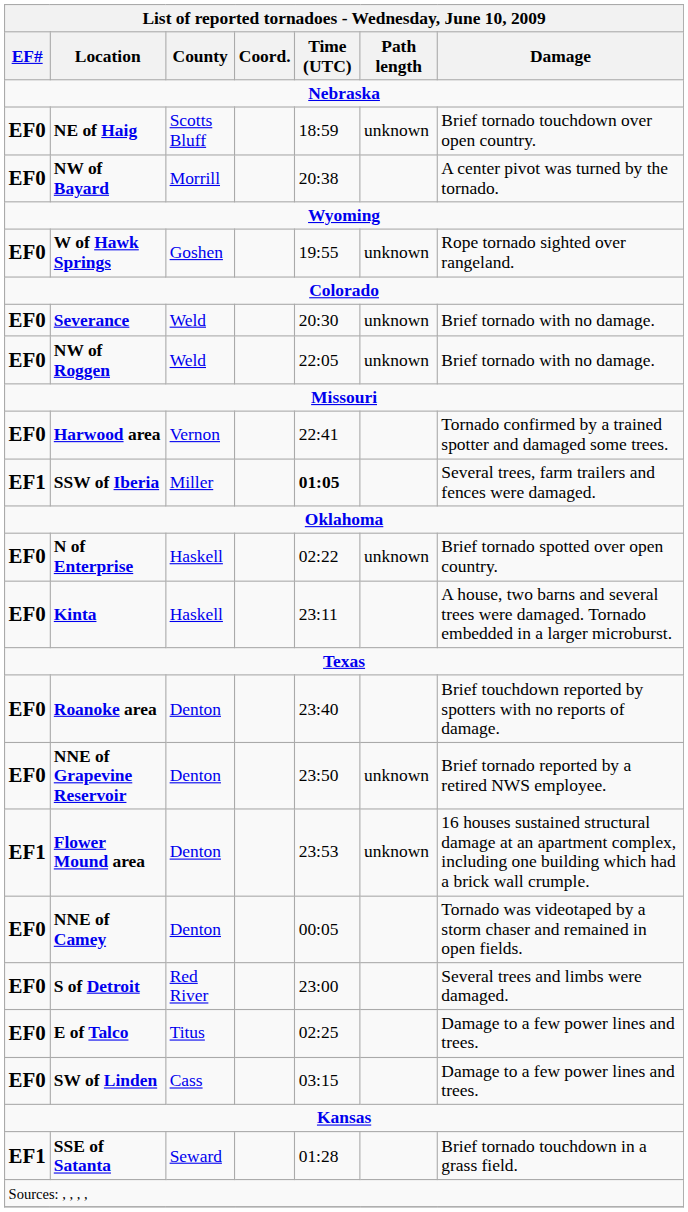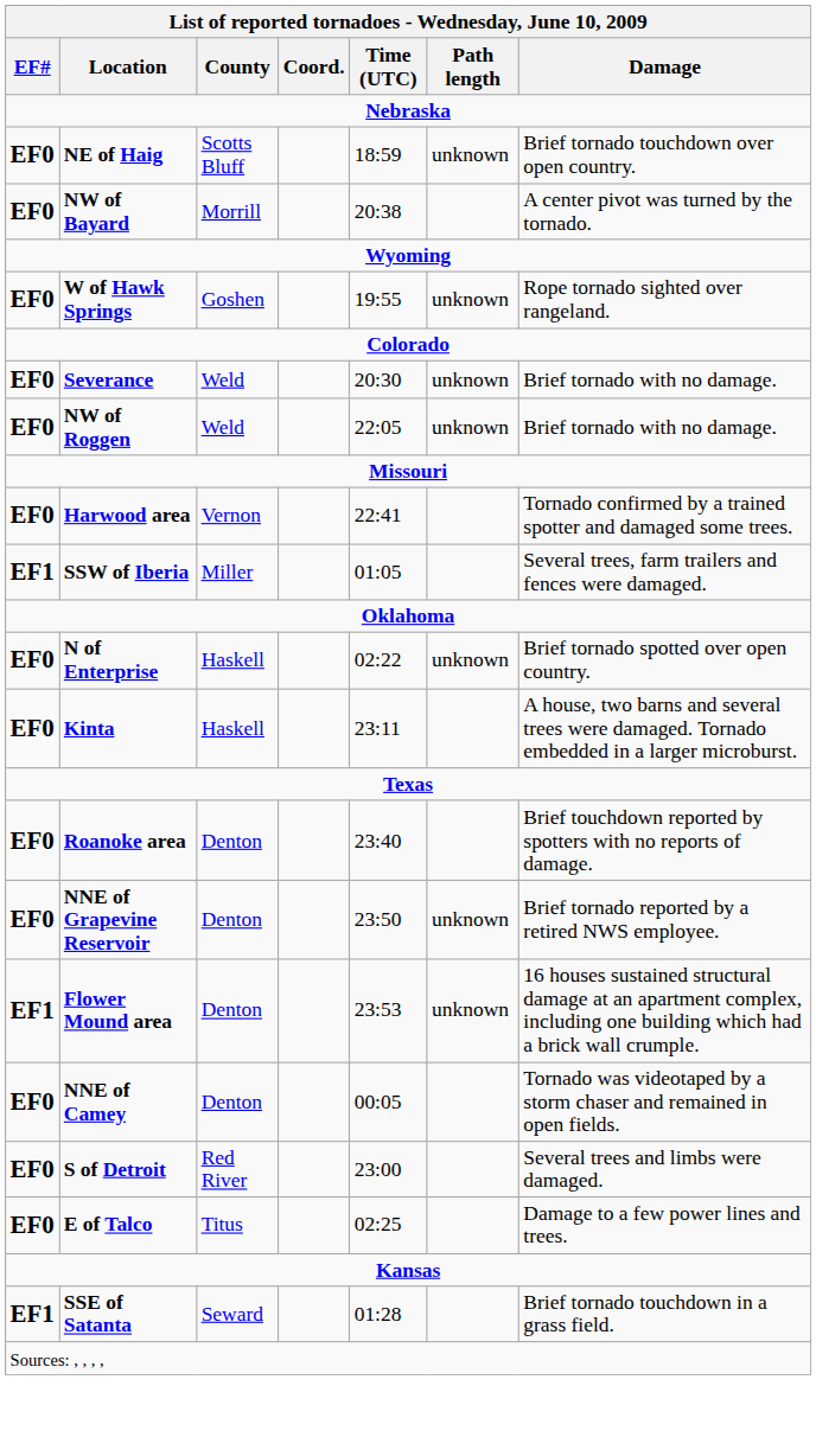 <table class="wikitable collapsible" width="100%">
 <tr>
 <th colspan="7">List of reported tornadoes - Wednesday, June 10, 2009</th>
 </tr>
 <tr>
 <th><a href='#'>EF#</a></th>
 <th>Location</th>
 <th>County</th>
 <th>Coord.</th>
 <th>Time (UTC)</th>
 <th>Path length</th>
 <th>Damage</th>
 </tr>
 <tr>
 <td colspan="7" align=center><strong><a href='#'>Nebraska</a></strong></td>
 </tr>
 <tr>
 <td><big><strong>EF0</strong></big></td>
 <td><strong>NE of <a href='#'>Haig</a></strong></td>
 <td><a href='#'>Scotts Bluff</a></td>
 <td></td>
 <td>18:59</td>
 <td>unknown</td>
 <td>Brief tornado touchdown over open country.</td>
 </tr>
 <tr>
 <td><big><strong>EF0</strong></big></td>
 <td><strong>NW of <a href='#'>Bayard</a></strong></td>
 <td><a href='#'>Morrill</a></td>
 <td></td>
 <td>20:38</td>
 <td></td>
 <td>A center pivot was turned by the tornado.</td>
 </tr>
 <tr>
 <td colspan="7" align=center><strong><a href='#'>Wyoming</a></strong></td>
 </tr>
 <tr>
 <td><big><strong>EF0</strong></big></td>
 <td><strong>W of <a href='#'>Hawk Springs</a></strong></td>
 <td><a href='#'>Goshen</a></td>
 <td></td>
 <td>19:55</td>
 <td>unknown</td>
 <td>Rope tornado sighted over rangeland.</td>
 </tr>
 <tr>
 <td colspan="7" align=center><strong><a href='#'>Colorado</a></strong></td>
 </tr>
 <tr>
 <td><big><strong>EF0</strong></big></td>
 <td><strong><a href='#'>Severance</a></strong></td>
 <td><a href='#'>Weld</a></td>
 <td></td>
 <td>20:30</td>
 <td>unknown</td>
 <td>Brief tornado with no damage.</td>
 </tr>
 <tr>
 <td><big><strong>EF0</strong></big></td>
 <td><strong>NW of <a href='#'>Roggen</a></strong></td>
 <td><a href='#'>Weld</a></td>
 <td></td>
 <td>22:05</td>
 <td>unknown</td>
 <td>Brief tornado with no damage.</td>
 </tr>
 <tr>
 <td colspan="7" align=center><strong><a href='#'>Missouri</a></strong></td>
 </tr>
 <tr>
 <td><big><strong>EF0</strong></big></td>
 <td><strong><a href='#'>Harwood</a> area</strong></td>
 <td><a href='#'>Vernon</a></td>
 <td></td>
 <td>22:41</td>
 <td></td>
 <td>Tornado confirmed by a trained spotter and damaged some trees.</td>
 </tr>
 <tr>
 <td><big><strong>EF1</strong></big></td>
 <td><strong>SSW of <a href='#'>Iberia</a></strong></td>
 <td><a href='#'>Miller</a></td>
 <td></td>
-<td><strong>01:05</strong></td>
+<td>01:05</td>
 <td></td>
 <td>Several trees, farm trailers and fences were damaged.</td>
 </tr>
 <tr>
 <td colspan="7" align=center><strong><a href='#'>Oklahoma</a></strong></td>
 </tr>
 <tr>
 <td><big><strong>EF0</strong></big></td>
 <td><strong>N of <a href='#'>Enterprise</a></strong></td>
 <td><a href='#'>Haskell</a></td>
 <td></td>
 <td>02:22</td>
 <td>unknown</td>
 <td>Brief tornado spotted over open country.</td>
 </tr>
 <tr>
 <td><big><strong>EF0</strong></big></td>
 <td><strong><a href='#'>Kinta</a></strong></td>
 <td><a href='#'>Haskell</a></td>
 <td></td>
 <td>23:11</td>
 <td></td>
 <td>A house, two barns and several trees were damaged. Tornado embedded in a larger microburst.</td>
 </tr>
 <tr>
 <td colspan="7" align=center><strong><a href='#'>Texas</a></strong></td>
 </tr>
 <tr>
 <td><big><strong>EF0</strong></big></td>
 <td><strong><a href='#'>Roanoke</a> area</strong></td>
 <td><a href='#'>Denton</a></td>
 <td></td>
 <td>23:40</td>
 <td></td>
 <td>Brief touchdown reported by spotters with no reports of damage.</td>
 </tr>
 <tr>
 <td><big><strong>EF0</strong></big></td>
 <td><strong>NNE of <a href='#'>Grapevine Reservoir</a></strong></td>
 <td><a href='#'>Denton</a></td>
 <td></td>
 <td>23:50</td>
 <td>unknown</td>
 <td>Brief tornado reported by a retired NWS employee.</td>
 </tr>
 <tr>
 <td><big><strong>EF1</strong></big></td>
 <td><strong><a href='#'>Flower Mound</a> area</strong></td>
 <td><a href='#'>Denton</a></td>
 <td></td>
 <td>23:53</td>
 <td>unknown</td>
 <td>16 houses sustained structural damage at an apartment complex, including one building which had a brick wall crumple.</td>
 </tr>
 <tr>
 <td><big><strong>EF0</strong></big></td>
 <td><strong>NNE of <a href='#'>Camey</a></strong></td>
 <td><a href='#'>Denton</a></td>
 <td></td>
 <td>00:05</td>
 <td></td>
 <td>Tornado was videotaped by a storm chaser and remained in open fields.</td>
 </tr>
 <tr>
 <td><big><strong>EF0</strong></big></td>
 <td><strong>S of <a href='#'>Detroit</a></strong></td>
 <td><a href='#'>Red River</a></td>
 <td></td>
 <td>23:00</td>
 <td></td>
 <td>Several trees and limbs were damaged.</td>
 </tr>
 <tr>
 <td><big><strong>EF0</strong></big></td>
 <td><strong>E of <a href='#'>Talco</a></strong></td>
 <td><a href='#'>Titus</a></td>
 <td></td>
 <td>02:25</td>
 <td></td>
 <td>Damage to a few power lines and trees.</td>
 </tr>
 <tr>
-<td><big><strong>EF0</strong></big></td>
-<td><strong>SW of <a href='#'>Linden</a></strong></td>
-<td><a href='#'>Cass</a></td>
-<td></td>
-<td>03:15</td>
-<td></td>
-<td>Damage to a few power lines and trees.</td>
-</tr>
-<tr>
 <td colspan="7" align=center><strong><a href='#'>Kansas</a></strong></td>
 </tr>
 <tr>
 <td><big><strong>EF1</strong></big></td>
 <td><strong>SSE of <a href='#'>Satanta</a></strong></td>
 <td><a href='#'>Seward</a></td>
 <td></td>
 <td>01:28</td>
 <td></td>
 <td>Brief tornado touchdown in a grass field.</td>
 </tr>
 <tr>
 <td colspan="7"><small>Sources: , , , , </small></td>
 </tr>
 <tr>
 </tr>
 </table>
